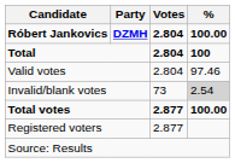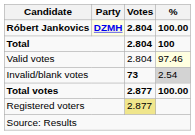 <table class="wikitable" style="text-align: left;">
 <tr>
 <th>Candidate</th>
 <th>Party</th>
 <th>Votes</th>
 <th>%</th>
 </tr>
 <tr>
 <td><strong>Róbert Jankovics</strong></td>
-<td><a href='#'><strong>DZMH</strong></a></td>
+<td style="background: lightyellow;"><a href='#'><strong>DZMH</strong></a></td>
 <td><strong>2.804</strong></td>
 <td><strong>100.00</strong></td>
 </tr>
 <tr>
 <td colspan="2"><strong>Total</strong></td>
 <td><strong>2.804</strong></td>
 <td><strong>100</strong></td>
 </tr>
 <tr>
 <td colspan="2">Valid votes</td>
 <td>2.804</td>
-<td>97.46</td>
+<td style="background: lightyellow;">97.46</td>
 </tr>
 <tr>
 <td colspan="2">Invalid/blank votes</td>
-<td>73</td>
+<td><strong>73</strong></td>
 <td style="background: lightgrey;">2.54</td>
 </tr>
 <tr>
 <td colspan="2"><strong>Total votes</strong></td>
 <td><strong>2.877</strong></td>
 <td><strong>100.00</strong></td>
 </tr>
 <tr>
 <td colspan="2">Registered voters</td>
-<td>2.877</td>
+<td style="background: khaki;">2.877</td>
 <td></td>
 </tr>
 <tr>
 <td colspan="4">Source: Results</td>
 </tr>
 </table>
